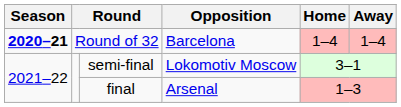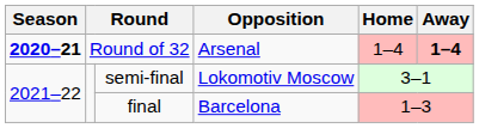 <table class="wikitable" style="text-align: center;">
 <tr>
 <th>Season</th>
 <th colspan=2>Round</th>
 <th>Opposition</th>
 <th>Home</th>
 <th>Away</th>
 </tr>
 <tr>
 <td><strong><a href='#'>2020</a><a href='#'>–</a>21</strong></td>
 <td colspan="2"><a href='#'>Round of 32</a></td>
-<td align=left> <a href='#'>Barcelona</a></td>
+<td align=left> <a href='#'>Arsenal</a></td>
 <td bgcolor="#ffbbbb">1–4</td>
-<td bgcolor="#ffbbbb">1–4</td>
+<td bgcolor="#ffbbbb"><strong>1–4</strong></td>
 </tr>
 <tr>
 <td rowspan=2><a href='#'>2021</a><a href='#'>–</a>22</td>
 <td rowspan="2"><a href='#'></a></td>
 <td>semi-final</td>
 <td> <a href='#'>Lokomotiv Moscow</a></td>
 <td colspan=2 bgcolor="#ddffdd">3–1</td>
 </tr>
 <tr>
 <td>final</td>
-<td align=left> <a href='#'>Arsenal</a></td>
+<td align=left> <a href='#'>Barcelona</a></td>
 <td colspan=2 bgcolor="#ffbbbb">1–3</td>
 </tr>
 </table>
